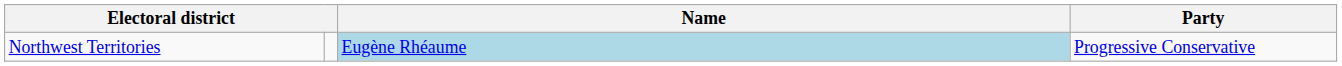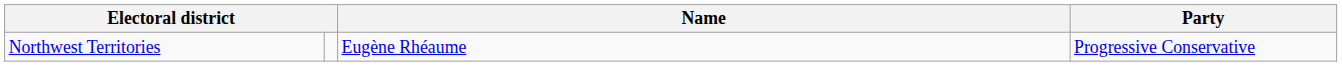 <table class="wikitable" width=95%>
 <tr>
 <th colspan=2 width=25%>Electoral district</th>
 <th>Name</th>
 <th width=20%>Party</th>
 </tr>
 <tr>
 <td width=24%><a href='#'>Northwest Territories</a></td>
 <td></td>
-<td style="background: lightblue;"><a href='#'>Eugène Rhéaume</a></td>
+<td><a href='#'>Eugène Rhéaume</a></td>
 <td><a href='#'>Progressive Conservative</a></td>
 </tr>
 </table>
